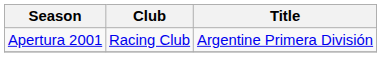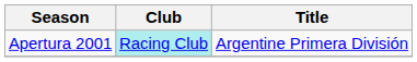 <table class="wikitable">
 <tr>
 <th>Season</th>
 <th>Club</th>
 <th>Title</th>
 </tr>
 <tr>
 <td><a href='#'>Apertura 2001</a></td>
-<td><a href='#'>Racing Club</a></td>
+<td style="background: paleturquoise;"><a href='#'>Racing Club</a></td>
 <td><a href='#'>Argentine Primera División</a></td>
 </tr>
 <tr>
 </tr>
 </table>
